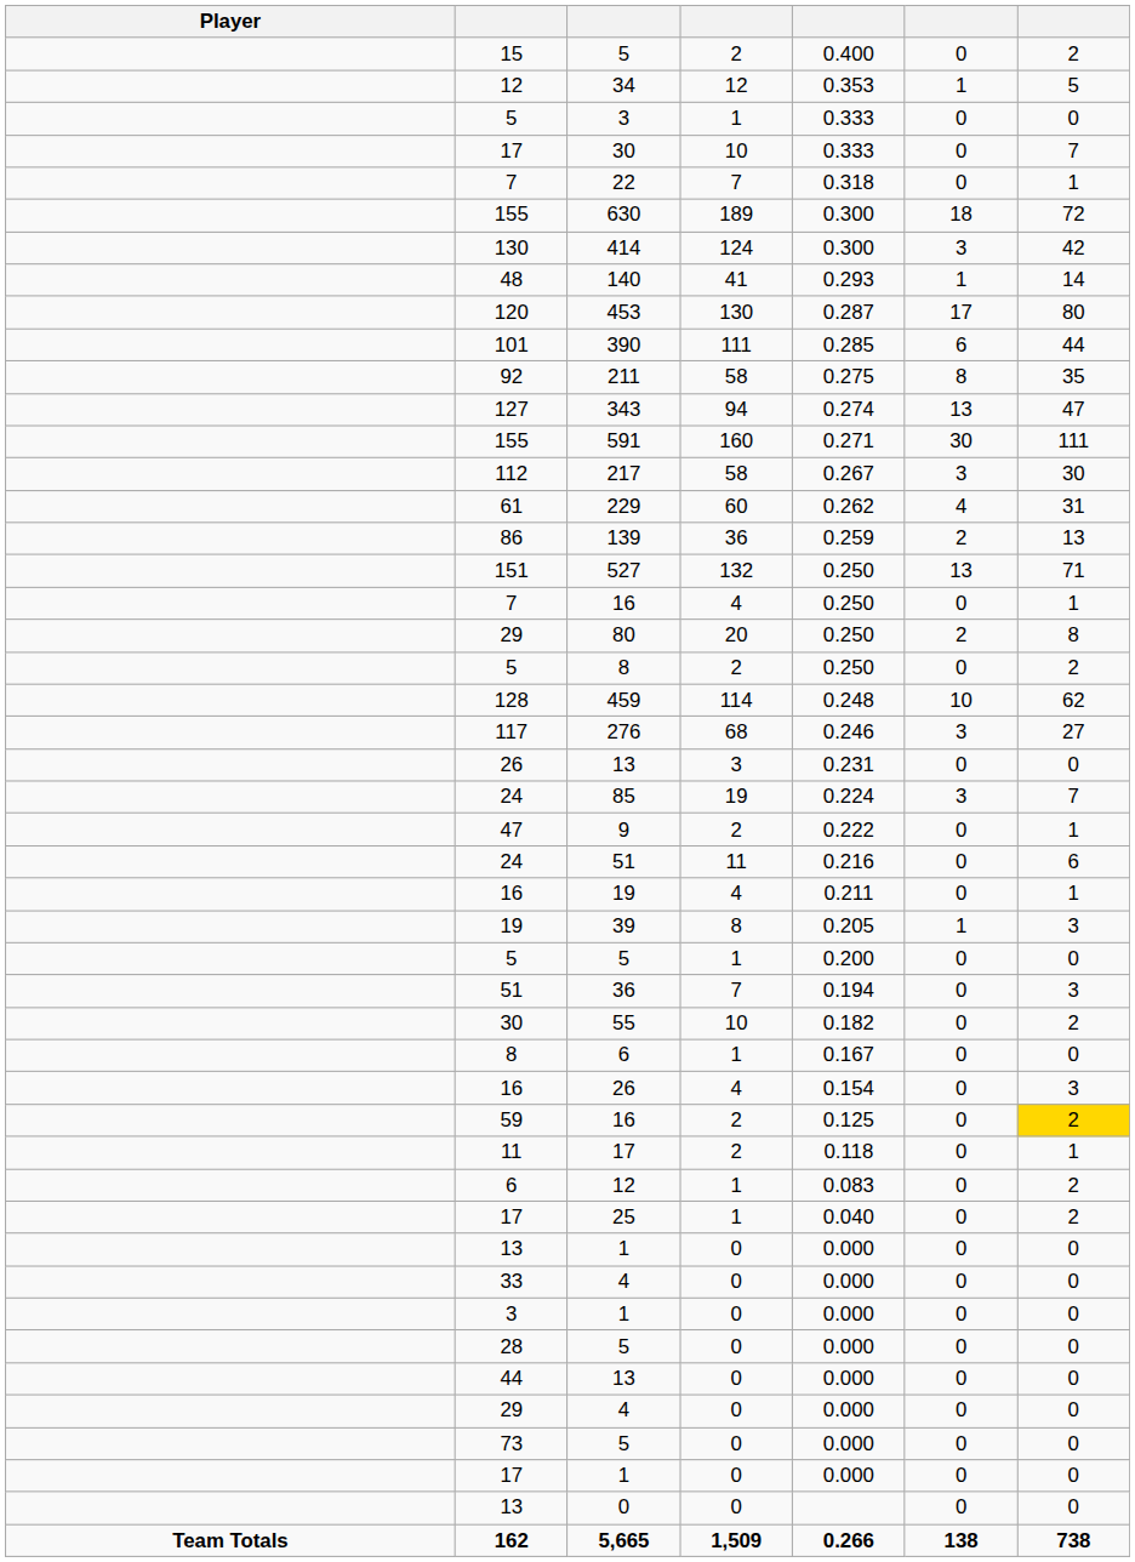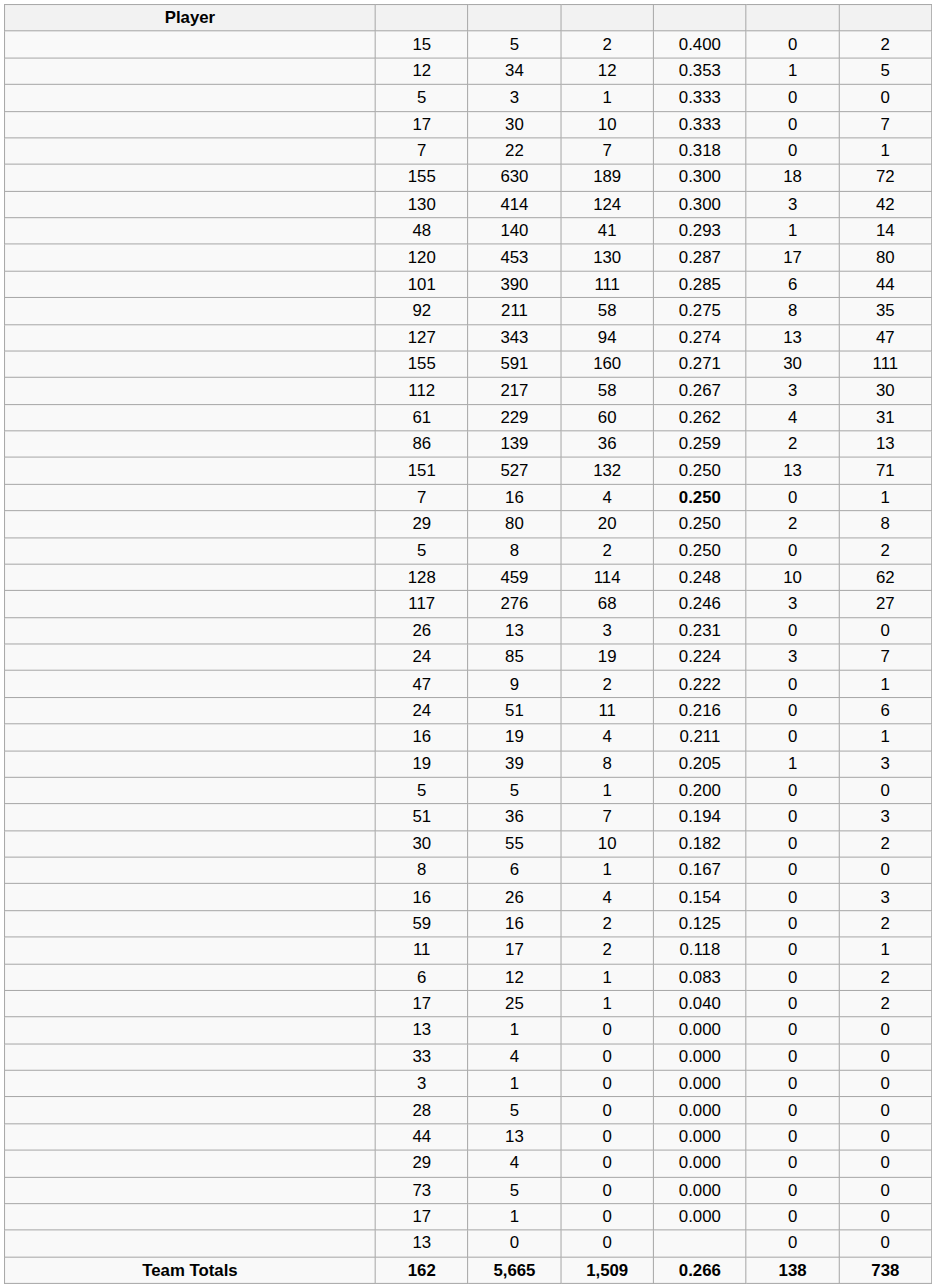 <table class="wikitable sortable" style="text-align:center;" width="100%">
 <tr>
 <th width="40%">Player</th>
 <th width="10%"></th>
 <th width="10%"></th>
 <th width="10%"></th>
 <th width="10%"></th>
 <th width="10%"></th>
 <th width="10%"></th>
 </tr>
 <tr>
 <td></td>
 <td>15</td>
 <td>5</td>
 <td>2</td>
 <td>0.400</td>
 <td>0</td>
 <td>2</td>
 </tr>
 <tr>
 <td></td>
 <td>12</td>
 <td>34</td>
 <td>12</td>
 <td>0.353</td>
 <td>1</td>
 <td>5</td>
 </tr>
 <tr>
 <td></td>
 <td>5</td>
 <td>3</td>
 <td>1</td>
 <td>0.333</td>
 <td>0</td>
 <td>0</td>
 </tr>
 <tr>
 <td></td>
 <td>17</td>
 <td>30</td>
 <td>10</td>
 <td>0.333</td>
 <td>0</td>
 <td>7</td>
 </tr>
 <tr>
 <td></td>
 <td>7</td>
 <td>22</td>
 <td>7</td>
 <td>0.318</td>
 <td>0</td>
 <td>1</td>
 </tr>
 <tr>
 <td></td>
 <td>155</td>
 <td>630</td>
 <td>189</td>
 <td>0.300</td>
 <td>18</td>
 <td>72</td>
 </tr>
 <tr>
 <td></td>
 <td>130</td>
 <td>414</td>
 <td>124</td>
 <td>0.300</td>
 <td>3</td>
 <td>42</td>
 </tr>
 <tr>
 <td></td>
 <td>48</td>
 <td>140</td>
 <td>41</td>
 <td>0.293</td>
 <td>1</td>
 <td>14</td>
 </tr>
 <tr>
 <td></td>
 <td>120</td>
 <td>453</td>
 <td>130</td>
 <td>0.287</td>
 <td>17</td>
 <td>80</td>
 </tr>
 <tr>
 <td></td>
 <td>101</td>
 <td>390</td>
 <td>111</td>
 <td>0.285</td>
 <td>6</td>
 <td>44</td>
 </tr>
 <tr>
 <td></td>
 <td>92</td>
 <td>211</td>
 <td>58</td>
 <td>0.275</td>
 <td>8</td>
 <td>35</td>
 </tr>
 <tr>
 <td></td>
 <td>127</td>
 <td>343</td>
 <td>94</td>
 <td>0.274</td>
 <td>13</td>
 <td>47</td>
 </tr>
 <tr>
 <td></td>
 <td>155</td>
 <td>591</td>
 <td>160</td>
 <td>0.271</td>
 <td>30</td>
 <td>111</td>
 </tr>
 <tr>
 <td></td>
 <td>112</td>
 <td>217</td>
 <td>58</td>
 <td>0.267</td>
 <td>3</td>
 <td>30</td>
 </tr>
 <tr>
 <td></td>
 <td>61</td>
 <td>229</td>
 <td>60</td>
 <td>0.262</td>
 <td>4</td>
 <td>31</td>
 </tr>
 <tr>
 <td></td>
 <td>86</td>
 <td>139</td>
 <td>36</td>
 <td>0.259</td>
 <td>2</td>
 <td>13</td>
 </tr>
 <tr>
 <td></td>
 <td>151</td>
 <td>527</td>
 <td>132</td>
 <td>0.250</td>
 <td>13</td>
 <td>71</td>
 </tr>
 <tr>
 <td></td>
 <td>7</td>
 <td>16</td>
 <td>4</td>
-<td>0.250</td>
+<td><strong>0.250</strong></td>
 <td>0</td>
 <td>1</td>
 </tr>
 <tr>
 <td></td>
 <td>29</td>
 <td>80</td>
 <td>20</td>
 <td>0.250</td>
 <td>2</td>
 <td>8</td>
 </tr>
 <tr>
 <td></td>
 <td>5</td>
 <td>8</td>
 <td>2</td>
 <td>0.250</td>
 <td>0</td>
 <td>2</td>
 </tr>
 <tr>
 <td></td>
 <td>128</td>
 <td>459</td>
 <td>114</td>
 <td>0.248</td>
 <td>10</td>
 <td>62</td>
 </tr>
 <tr>
 <td></td>
 <td>117</td>
 <td>276</td>
 <td>68</td>
 <td>0.246</td>
 <td>3</td>
 <td>27</td>
 </tr>
 <tr>
 <td></td>
 <td>26</td>
 <td>13</td>
 <td>3</td>
 <td>0.231</td>
 <td>0</td>
 <td>0</td>
 </tr>
 <tr>
 <td></td>
 <td>24</td>
 <td>85</td>
 <td>19</td>
 <td>0.224</td>
 <td>3</td>
 <td>7</td>
 </tr>
 <tr>
 <td></td>
 <td>47</td>
 <td>9</td>
 <td>2</td>
 <td>0.222</td>
 <td>0</td>
 <td>1</td>
 </tr>
 <tr>
 <td></td>
 <td>24</td>
 <td>51</td>
 <td>11</td>
 <td>0.216</td>
 <td>0</td>
 <td>6</td>
 </tr>
 <tr>
 <td></td>
 <td>16</td>
 <td>19</td>
 <td>4</td>
 <td>0.211</td>
 <td>0</td>
 <td>1</td>
 </tr>
 <tr>
 <td></td>
 <td>19</td>
 <td>39</td>
 <td>8</td>
 <td>0.205</td>
 <td>1</td>
 <td>3</td>
 </tr>
 <tr>
 <td></td>
 <td>5</td>
 <td>5</td>
 <td>1</td>
 <td>0.200</td>
 <td>0</td>
 <td>0</td>
 </tr>
 <tr>
 <td></td>
 <td>51</td>
 <td>36</td>
 <td>7</td>
 <td>0.194</td>
 <td>0</td>
 <td>3</td>
 </tr>
 <tr>
 <td></td>
 <td>30</td>
 <td>55</td>
 <td>10</td>
 <td>0.182</td>
 <td>0</td>
 <td>2</td>
 </tr>
 <tr>
 <td></td>
 <td>8</td>
 <td>6</td>
 <td>1</td>
 <td>0.167</td>
 <td>0</td>
 <td>0</td>
 </tr>
 <tr>
 <td></td>
 <td>16</td>
 <td>26</td>
 <td>4</td>
 <td>0.154</td>
 <td>0</td>
 <td>3</td>
 </tr>
 <tr>
 <td></td>
 <td>59</td>
 <td>16</td>
 <td>2</td>
 <td>0.125</td>
 <td>0</td>
-<td style="background: gold;">2</td>
+<td>2</td>
 </tr>
 <tr>
 <td></td>
 <td>11</td>
 <td>17</td>
 <td>2</td>
 <td>0.118</td>
 <td>0</td>
 <td>1</td>
 </tr>
 <tr>
 <td></td>
 <td>6</td>
 <td>12</td>
 <td>1</td>
 <td>0.083</td>
 <td>0</td>
 <td>2</td>
 </tr>
 <tr>
 <td></td>
 <td>17</td>
 <td>25</td>
 <td>1</td>
 <td>0.040</td>
 <td>0</td>
 <td>2</td>
 </tr>
 <tr>
 <td></td>
 <td>13</td>
 <td>1</td>
 <td>0</td>
 <td>0.000</td>
 <td>0</td>
 <td>0</td>
 </tr>
 <tr>
 <td></td>
 <td>33</td>
 <td>4</td>
 <td>0</td>
 <td>0.000</td>
 <td>0</td>
 <td>0</td>
 </tr>
 <tr>
 <td></td>
 <td>3</td>
 <td>1</td>
 <td>0</td>
 <td>0.000</td>
 <td>0</td>
 <td>0</td>
 </tr>
 <tr>
 <td></td>
 <td>28</td>
 <td>5</td>
 <td>0</td>
 <td>0.000</td>
 <td>0</td>
 <td>0</td>
 </tr>
 <tr>
 <td></td>
 <td>44</td>
 <td>13</td>
 <td>0</td>
 <td>0.000</td>
 <td>0</td>
 <td>0</td>
 </tr>
 <tr>
 <td></td>
 <td>29</td>
 <td>4</td>
 <td>0</td>
 <td>0.000</td>
 <td>0</td>
 <td>0</td>
 </tr>
 <tr>
 <td></td>
 <td>73</td>
 <td>5</td>
 <td>0</td>
 <td>0.000</td>
 <td>0</td>
 <td>0</td>
 </tr>
 <tr>
 <td></td>
 <td>17</td>
 <td>1</td>
 <td>0</td>
 <td>0.000</td>
 <td>0</td>
 <td>0</td>
 </tr>
 <tr>
 <td></td>
 <td>13</td>
 <td>0</td>
 <td>0</td>
 <td></td>
 <td>0</td>
 <td>0</td>
 </tr>
 <tr>
 <td><strong>Team Totals</strong></td>
 <td><strong>162</strong></td>
 <td><strong>5,665</strong></td>
 <td><strong>1,509</strong></td>
 <td><strong>0.266</strong></td>
 <td><strong>138</strong></td>
 <td><strong>738</strong></td>
 </tr>
 </table>
